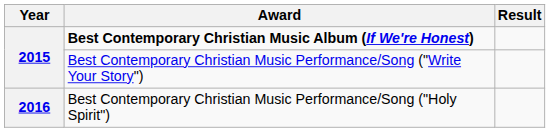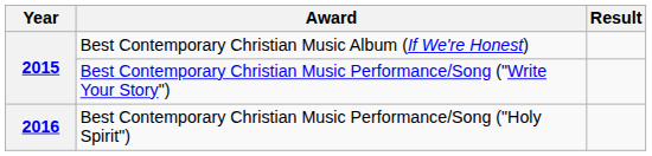 <table class="wikitable">
 <tr>
 <th style="width:60px;">Year</th>
 <th>Award</th>
 <th>Result</th>
 </tr>
 <tr>
 <th rowspan="2"><a href='#'>2015</a></th>
-<td><strong>Best Contemporary Christian Music Album (<em><a href='#'>If We're Honest</a></em>)</strong></td>
+<td>Best Contemporary Christian Music Album (<em><a href='#'>If We're Honest</a></em>)</td>
 <td></td>
 </tr>
 <tr>
 <td><a href='#'>Best Contemporary Christian Music Performance/Song</a> ("<a href='#'>Write Your Story</a>")</td>
 <td></td>
 </tr>
 <tr>
 <th><a href='#'>2016</a></th>
 <td>Best Contemporary Christian Music Performance/Song ("Holy Spirit")</td>
 <td></td>
 </tr>
 </table>
